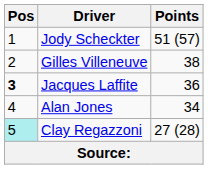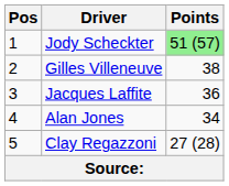 <table class="wikitable" style="font-size: 95%;">
 <tr>
 <th>Pos</th>
 <th>Driver</th>
 <th>Points</th>
 </tr>
 <tr>
 <td>1</td>
 <td> <a href='#'>Jody Scheckter</a></td>
-<td align="right">51 (57)</td>
+<td align="right" style="background: lightgreen;">51 (57)</td>
 </tr>
 <tr>
 <td>2</td>
 <td> <a href='#'>Gilles Villeneuve</a></td>
 <td align="right">38</td>
 </tr>
 <tr>
-<td><strong>3</strong></td>
+<td>3</td>
 <td> <a href='#'>Jacques Laffite</a></td>
 <td align="right">36</td>
 </tr>
 <tr>
 <td>4</td>
 <td> <a href='#'>Alan Jones</a></td>
 <td align="right">34</td>
 </tr>
 <tr>
-<td style="background: paleturquoise;">5</td>
+<td>5</td>
 <td> <a href='#'>Clay Regazzoni</a></td>
 <td align="right">27 (28)</td>
 </tr>
 <tr>
 <th colspan=4>Source: </th>
 </tr>
 </table>
